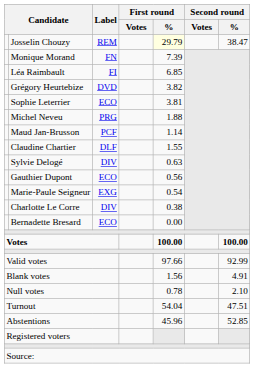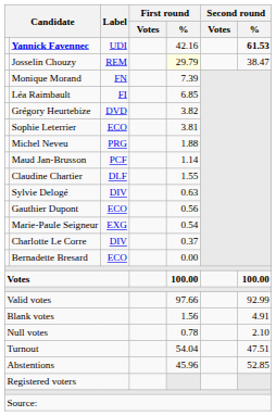 <table class="wikitable" style="text-align:right;font-size:95%;">
 <tr>
 <th rowspan="2" colspan="2">Candidate</th>
 <th rowspan="2">Label</th>
 <th colspan="2">First round</th>
 <th colspan="2">Second round</th>
 </tr>
 <tr>
 <th style="width:50px;">Votes</th>
 <th style="width:45px;">%</th>
 <th style="width:50px;">Votes</th>
 <th style="width:45px;">%</th>
+</tr>
+<tr>
+<td style="color:inherit;background:"></td>
+<td style="text-align:left;"><strong><a href='#'>Yannick Favennec</a></strong></td>
+<td><a href='#'>UDI</a></td>
+<td></td>
+<td>42.16</td>
+<td><strong></strong></td>
+<td><strong>61.53</strong></td>
 </tr>
 <tr>
 <td style="color:inherit;background:"></td>
 <td style="text-align:left;">Josselin Chouzy</td>
 <td><a href='#'>REM</a></td>
 <td></td>
 <td style="background: lightyellow;">29.79</td>
 <td></td>
 <td>38.47</td>
 </tr>
 <tr>
 <td style="color:inherit;background:"></td>
 <td style="text-align:left;">Monique Morand</td>
 <td><a href='#'>FN</a></td>
 <td></td>
 <td>7.39</td>
 <td colspan="2" rowspan="12" style="background:#E9E9E9;"></td>
 </tr>
 <tr>
 <td style="color:inherit;background:"></td>
 <td style="text-align:left;">Léa Raimbault</td>
 <td><a href='#'>FI</a></td>
 <td></td>
 <td>6.85</td>
 </tr>
 <tr>
 <td style="color:inherit;background:"></td>
 <td style="text-align:left;">Grégory Heurtebize</td>
 <td><a href='#'>DVD</a></td>
 <td></td>
 <td>3.82</td>
 </tr>
 <tr>
 <td style="color:inherit;background:"></td>
 <td style="text-align:left;">Sophie Leterrier</td>
 <td><a href='#'>ECO</a></td>
 <td></td>
 <td>3.81</td>
 </tr>
 <tr>
 <td style="color:inherit;background:"></td>
 <td style="text-align:left;">Michel Neveu</td>
 <td><a href='#'>PRG</a></td>
 <td></td>
 <td>1.88</td>
 </tr>
 <tr>
 <td style="color:inherit;background:"></td>
 <td style="text-align:left;">Maud Jan-Brusson</td>
 <td><a href='#'>PCF</a></td>
 <td></td>
 <td>1.14</td>
 </tr>
 <tr>
 <td style="color:inherit;background:"></td>
 <td style="text-align:left;">Claudine Chartier</td>
 <td><a href='#'>DLF</a></td>
 <td></td>
 <td>1.55</td>
 </tr>
 <tr>
 <td style="color:inherit;background:"></td>
 <td style="text-align:left;">Sylvie Delogé</td>
 <td><a href='#'>DIV</a></td>
 <td></td>
 <td>0.63</td>
 </tr>
 <tr>
 <td style="color:inherit;background:"></td>
 <td style="text-align:left;">Gauthier Dupont</td>
 <td><a href='#'>ECO</a></td>
 <td></td>
 <td>0.56</td>
 </tr>
 <tr>
 <td style="color:inherit;background:"></td>
 <td style="text-align:left;">Marie-Paule Seigneur</td>
 <td><a href='#'>EXG</a></td>
 <td></td>
 <td>0.54</td>
 </tr>
 <tr>
 <td style="color:inherit;background:"></td>
 <td style="text-align:left;">Charlotte Le Corre</td>
 <td><a href='#'>DIV</a></td>
 <td></td>
-<td>0.38</td>
+<td>0.37</td>
 </tr>
 <tr>
 <td style="color:inherit;background:"></td>
 <td style="text-align:left;">Bernadette Bresard</td>
 <td><a href='#'>ECO</a></td>
 <td></td>
 <td>0.00</td>
 </tr>
 <tr>
 <td colspan="7" style="background:#E9E9E9;"></td>
 </tr>
 <tr style="font-weight:bold;">
 <td colspan="3" style="text-align:left;">Votes</td>
 <td></td>
 <td>100.00</td>
 <td></td>
 <td>100.00</td>
 </tr>
 <tr>
 <td colspan="7" style="background:#E9E9E9;"></td>
 </tr>
 <tr>
 <td colspan="3" style="text-align:left;">Valid votes</td>
 <td></td>
 <td>97.66</td>
 <td></td>
 <td>92.99</td>
 </tr>
 <tr>
 <td colspan="3" style="text-align:left;">Blank votes</td>
 <td></td>
 <td>1.56</td>
 <td></td>
 <td>4.91</td>
 </tr>
 <tr>
 <td colspan="3" style="text-align:left;">Null votes</td>
 <td></td>
 <td>0.78</td>
 <td></td>
 <td>2.10</td>
 </tr>
 <tr>
 <td colspan="3" style="text-align:left;">Turnout</td>
 <td></td>
 <td>54.04</td>
 <td></td>
 <td>47.51</td>
 </tr>
 <tr>
 <td colspan="3" style="text-align:left;">Abstentions</td>
 <td></td>
 <td>45.96</td>
 <td></td>
 <td>52.85</td>
 </tr>
 <tr>
 <td colspan="3" style="text-align:left;">Registered voters</td>
 <td></td>
 <td style="background:#E9E9E9;"></td>
 <td></td>
 <td style="background:#E9E9E9;"></td>
 </tr>
 <tr>
 <td colspan="7" style="background:#E9E9E9;"></td>
 </tr>
 <tr>
 <td colspan="7" style="text-align:left;">Source: </td>
 </tr>
 </table>
